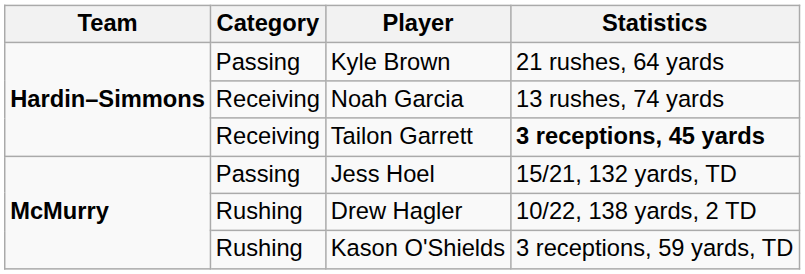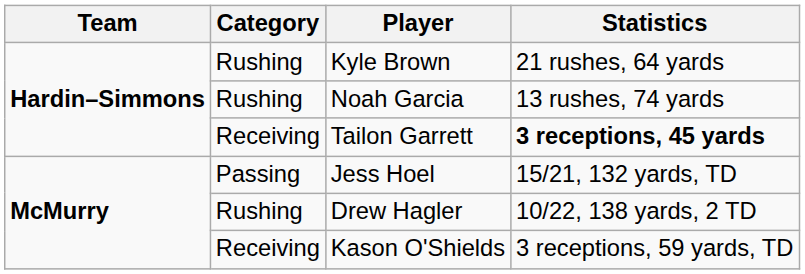 <table class="wikitable" style="float: left;">
 <tr>
 <th>Team</th>
 <th>Category</th>
 <th>Player</th>
 <th>Statistics</th>
 </tr>
 <tr>
 <td rowspan=3><strong>Hardin–Simmons</strong></td>
-<td>Passing</td>
+<td>Rushing</td>
 <td>Kyle Brown</td>
 <td>21 rushes, 64 yards</td>
 </tr>
 <tr>
-<td>Receiving</td>
+<td>Rushing</td>
 <td>Noah Garcia</td>
 <td>13 rushes, 74 yards</td>
 </tr>
 <tr>
 <td>Receiving</td>
 <td>Tailon Garrett</td>
 <td><strong>3 receptions, 45 yards</strong></td>
 </tr>
 <tr>
 <td rowspan=3><strong>McMurry</strong></td>
 <td>Passing</td>
 <td>Jess Hoel</td>
 <td>15/21, 132 yards, TD</td>
 </tr>
 <tr>
 <td>Rushing</td>
 <td>Drew Hagler</td>
 <td>10/22, 138 yards, 2 TD</td>
 </tr>
 <tr>
-<td>Rushing</td>
+<td>Receiving</td>
 <td>Kason O'Shields</td>
 <td>3 receptions, 59 yards, TD</td>
 </tr>
 </table>
